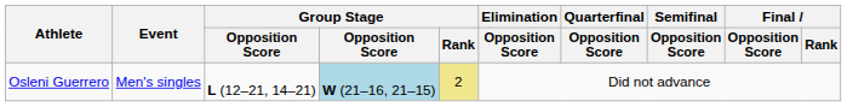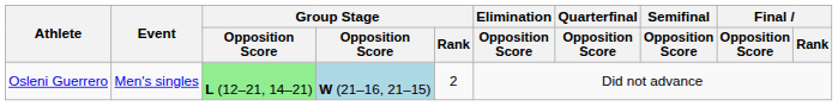 <table class="wikitable" style="font-size:90%">
 <tr>
 <th rowspan=2>Athlete</th>
 <th rowspan=2>Event</th>
 <th colspan=3>Group Stage</th>
 <th>Elimination</th>
 <th>Quarterfinal</th>
 <th>Semifinal</th>
 <th colspan=2>Final / </th>
 </tr>
 <tr style="font-size:95%">
 <th>Opposition<br>Score</th>
 <th>Opposition<br>Score</th>
 <th>Rank</th>
 <th>Opposition<br>Score</th>
 <th>Opposition<br>Score</th>
 <th>Opposition<br>Score</th>
 <th>Opposition<br>Score</th>
 <th>Rank</th>
 </tr>
 <tr align=center>
 <td align=left><a href='#'>Osleni Guerrero</a></td>
 <td align=left><a href='#'>Men's singles</a></td>
-<td><br><strong>L</strong> (12–21, 14–21)</td>
+<td style="background: lightgreen;"><br><strong>L</strong> (12–21, 14–21)</td>
 <td style="background: lightblue;"><br><strong>W</strong> (21–16, 21–15)</td>
-<td style="background: khaki;">2</td>
+<td>2</td>
 <td colspan=5>Did not advance</td>
 </tr>
 </table>
